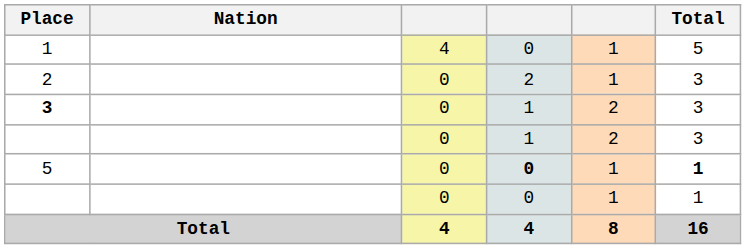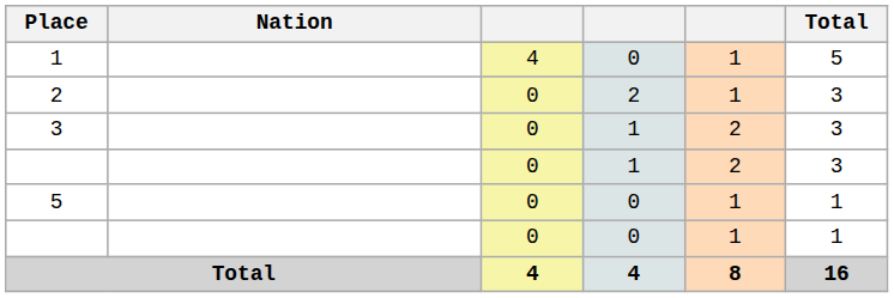 <table class=wikitable style="border:1px solid #AAAAAA;font-size:90%">
 <tr bgcolor="#EFEFEF">
 <th width=50>Place</th>
 <th width=200>Nation</th>
 <th width=50></th>
 <th width=50></th>
 <th width=50></th>
 <th width=50>Total</th>
 </tr>
 <tr align="center" valign="top" bgcolor="#FFFFFF">
 <td>1</td>
 <td align="left"></td>
 <td style="background:#F7F6A8;">4</td>
 <td style="background:#DCE5E5;">0</td>
 <td style="background:#FFDAB9;">1</td>
 <td>5</td>
 </tr>
 <tr align="center" valign="top" bgcolor="#FFFFFF">
 <td>2</td>
 <td align="left"></td>
 <td style="background:#F7F6A8;">0</td>
 <td style="background:#DCE5E5;">2</td>
 <td style="background:#FFDAB9;">1</td>
 <td>3</td>
 </tr>
 <tr align="center" valign="top" bgcolor="#FFFFFF">
-<td><strong>3</strong></td>
+<td>3</td>
 <td align="left"></td>
 <td style="background:#F7F6A8;">0</td>
 <td style="background:#DCE5E5;">1</td>
 <td style="background:#FFDAB9;">2</td>
 <td>3</td>
 </tr>
 <tr align="center" valign="top" bgcolor="#FFFFFF">
 <td></td>
 <td align="left"></td>
 <td style="background:#F7F6A8;">0</td>
 <td style="background:#DCE5E5;">1</td>
 <td style="background:#FFDAB9;">2</td>
 <td>3</td>
 </tr>
 <tr align="center" valign="top" bgcolor="#FFFFFF">
 <td>5</td>
 <td align="left"></td>
 <td style="background:#F7F6A8;">0</td>
-<td style="background:#DCE5E5;"><strong>0</strong></td>
+<td style="background:#DCE5E5;">0</td>
 <td style="background:#FFDAB9;">1</td>
-<td><strong>1</strong></td>
+<td>1</td>
 </tr>
 <tr align="center" valign="top" bgcolor="#FFFFFF">
 <td></td>
 <td align="left"></td>
 <td style="background:#F7F6A8;">0</td>
 <td style="background:#DCE5E5;">0</td>
 <td style="background:#FFDAB9;">1</td>
 <td>1</td>
 </tr>
 <tr align="center">
 <td colspan="2" bgcolor=D3D3D3><strong>Total</strong></td>
 <td style="background:#F7F6A8;"><strong>4</strong></td>
 <td style="background:#DCE5E5;"><strong>4</strong></td>
 <td style="background:#FFDAB9;"><strong>8</strong></td>
 <td bgcolor=D3D3D3><strong>16</strong></td>
 </tr>
 </table>
